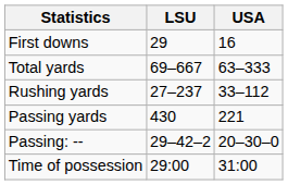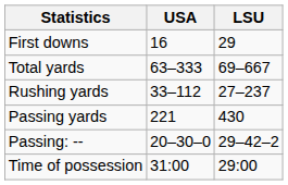 <table class="wikitable" style="float: left;">
 <tr>
 <th>Statistics</th>
+<th>USA</th>
 <th>LSU</th>
-<th>USA</th>
 </tr>
 <tr>
 <td>First downs</td>
+<td>16</td>
 <td>29</td>
-<td>16</td>
 </tr>
 <tr>
 <td>Total yards</td>
+<td>63–333</td>
 <td>69–667</td>
-<td>63–333</td>
 </tr>
 <tr>
 <td>Rushing yards</td>
+<td>33–112</td>
 <td>27–237</td>
-<td>33–112</td>
 </tr>
 <tr>
 <td>Passing yards</td>
+<td>221</td>
 <td>430</td>
-<td>221</td>
 </tr>
 <tr>
 <td>Passing: --</td>
+<td>20–30–0</td>
 <td>29–42–2</td>
-<td>20–30–0</td>
 </tr>
 <tr>
 <td>Time of possession</td>
+<td>31:00</td>
 <td>29:00</td>
-<td>31:00</td>
 </tr>
 </table>
